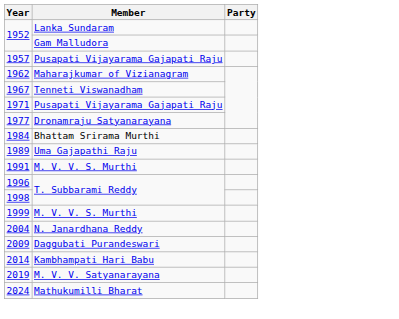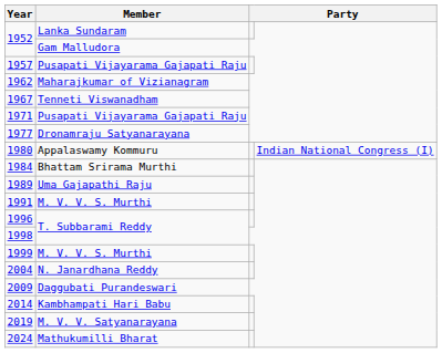 <table class="wikitable sortable">
 <tr>
 <th>Year</th>
 <th>Member</th>
 <th colspan="2">Party</th>
 </tr>
 <tr>
 <td rowspan="2"><a href='#'>1952</a></td>
 <td><a href='#'>Lanka Sundaram</a></td>
 <td></td>
 </tr>
 <tr>
 <td><a href='#'>Gam Malludora</a></td>
 </tr>
 <tr>
 <td><a href='#'>1957</a></td>
 <td><a href='#'>Pusapati Vijayarama Gajapati Raju</a></td>
 <td></td>
 </tr>
 <tr>
 <td><a href='#'>1962</a></td>
 <td><a href='#'>Maharajkumar of Vizianagram</a></td>
 </tr>
 <tr>
 <td><a href='#'>1967</a></td>
 <td><a href='#'>Tenneti Viswanadham</a></td>
 </tr>
 <tr>
 <td><a href='#'>1971</a></td>
 <td><a href='#'>Pusapati Vijayarama Gajapati Raju</a></td>
 </tr>
 <tr>
 <td><a href='#'>1977</a></td>
 <td><a href='#'>Dronamraju Satyanarayana</a></td>
+</tr>
+<tr>
+<td><a href='#'>1980</a></td>
+<td>Appalaswamy Kommuru</td>
+<td style="background-color: "></td>
+<td><a href='#'>Indian National Congress (I)</a></td>
 </tr>
 <tr>
 <td><a href='#'>1984</a></td>
 <td>Bhattam Srirama Murthi</td>
 <td></td>
 </tr>
 <tr>
 <td><a href='#'>1989</a></td>
 <td><a href='#'>Uma Gajapathi Raju</a></td>
 <td></td>
 </tr>
 <tr>
 <td><a href='#'>1991</a></td>
 <td><a href='#'>M. V. V. S. Murthi</a></td>
 <td></td>
 </tr>
 <tr>
 <td><a href='#'>1996</a></td>
 <td rowspan="2"><a href='#'>T. Subbarami Reddy</a></td>
 <td></td>
 </tr>
 <tr>
 <td><a href='#'>1998</a></td>
 </tr>
 <tr>
 <td><a href='#'>1999</a></td>
 <td><a href='#'>M. V. V. S. Murthi</a></td>
 <td></td>
 </tr>
 <tr>
 <td><a href='#'>2004</a></td>
 <td><a href='#'>N. Janardhana Reddy</a></td>
 <td></td>
 </tr>
 <tr>
 <td><a href='#'>2009</a></td>
 <td><a href='#'>Daggubati Purandeswari</a></td>
 </tr>
 <tr>
 <td><a href='#'>2014</a></td>
 <td><a href='#'>Kambhampati Hari Babu</a></td>
 <td></td>
 </tr>
 <tr>
 <td><a href='#'>2019</a></td>
 <td><a href='#'>M. V. V. Satyanarayana</a></td>
 <td></td>
 </tr>
 <tr>
 <td><a href='#'>2024</a></td>
 <td><a href='#'>Mathukumilli Bharat</a></td>
 <td></td>
 </tr>
 </table>
